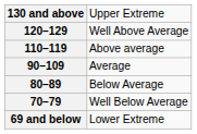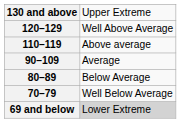 <table class="wikitable">
 <tr>
 <th>130 and above</th>
 <td>Upper Extreme</td>
 </tr>
 <tr>
 <th>120–129</th>
 <td>Well Above Average</td>
 </tr>
 <tr>
 <th>110–119</th>
 <td>Above average</td>
 </tr>
 <tr>
 <th>90–109</th>
 <td>Average</td>
 </tr>
 <tr>
 <th>80–89</th>
 <td>Below Average</td>
 </tr>
 <tr>
 <th>70–79</th>
 <td>Well Below Average</td>
 </tr>
 <tr>
 <th>69 and below</th>
-<td>Lower Extreme</td>
+<td style="background: lightgrey;">Lower Extreme</td>
 </tr>
 </table>
